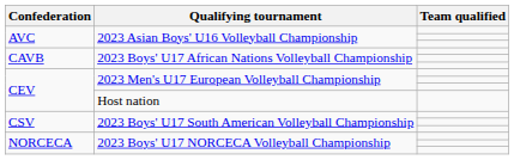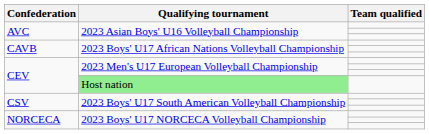 <table class="wikitable">
 <tr>
 <th>Confederation</th>
 <th>Qualifying tournament</th>
 <th>Team qualified</th>
 </tr>
 <tr>
 <td rowspan=3><a href='#'>AVC</a><br></td>
 <td rowspan=3><a href='#'>2023 Asian Boys' U16 Volleyball Championship</a><br></td>
 <td></td>
 </tr>
 <tr>
 <td></td>
 </tr>
 <tr>
 <td></td>
 </tr>
 <tr>
 <td rowspan=3><a href='#'>CAVB</a><br></td>
 <td rowspan=3><a href='#'>2023 Boys' U17 African Nations Volleyball Championship</a><br></td>
 <td></td>
 </tr>
 <tr>
 <td></td>
 </tr>
 <tr>
 <td></td>
 </tr>
 <tr>
 <td rowspan=4><a href='#'>CEV</a><br></td>
 <td rowspan=3><a href='#'>2023 Men's U17 European Volleyball Championship</a><br></td>
 <td></td>
 </tr>
 <tr>
 <td></td>
 </tr>
 <tr>
 <td></td>
 </tr>
 <tr>
-<td>Host nation</td>
+<td style="background: lightgreen;">Host nation</td>
 <td></td>
 </tr>
 <tr>
 <td rowspan=3><a href='#'>CSV</a><br></td>
 <td rowspan=3><a href='#'>2023 Boys' U17 South American Volleyball Championship</a><br></td>
 <td></td>
 </tr>
 <tr>
 <td></td>
 </tr>
 <tr>
 <td></td>
 </tr>
 <tr>
 <td rowspan=3><a href='#'>NORCECA</a><br></td>
 <td rowspan=3><a href='#'>2023 Boys' U17 NORCECA Volleyball Championship</a><br></td>
 <td></td>
 </tr>
 <tr>
 <td></td>
 </tr>
 <tr>
 <td></td>
 </tr>
 </table>
